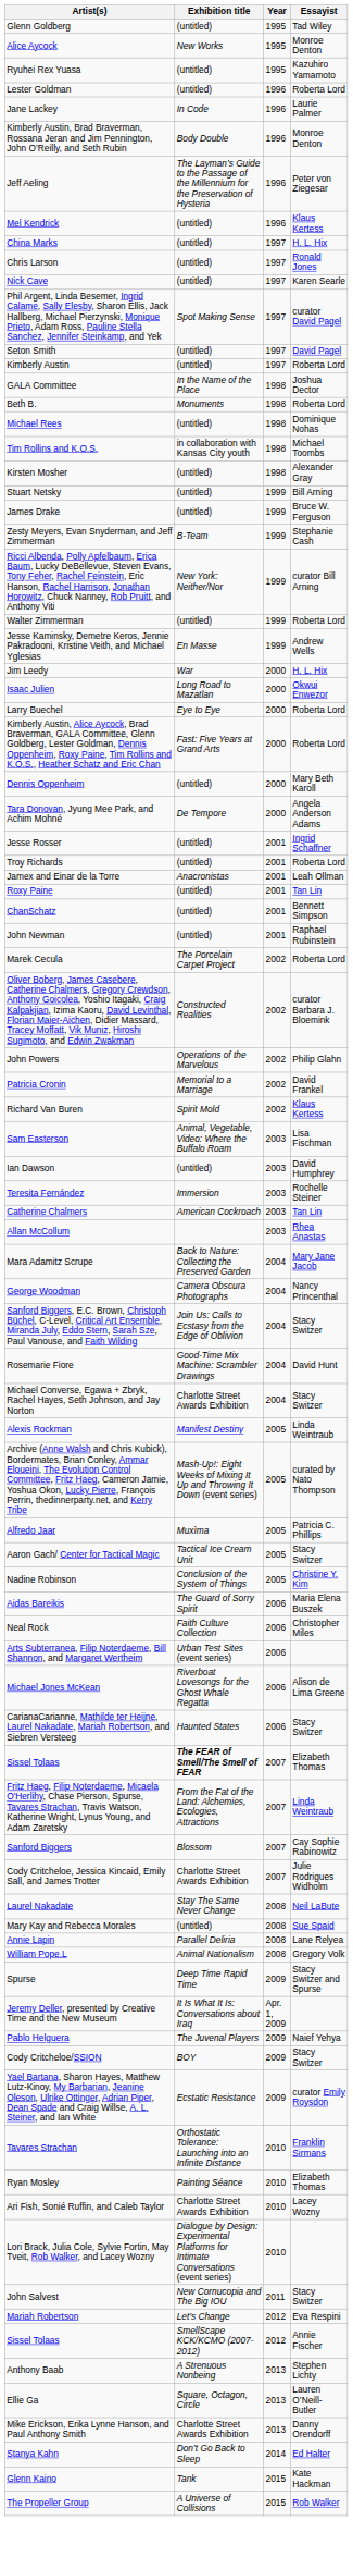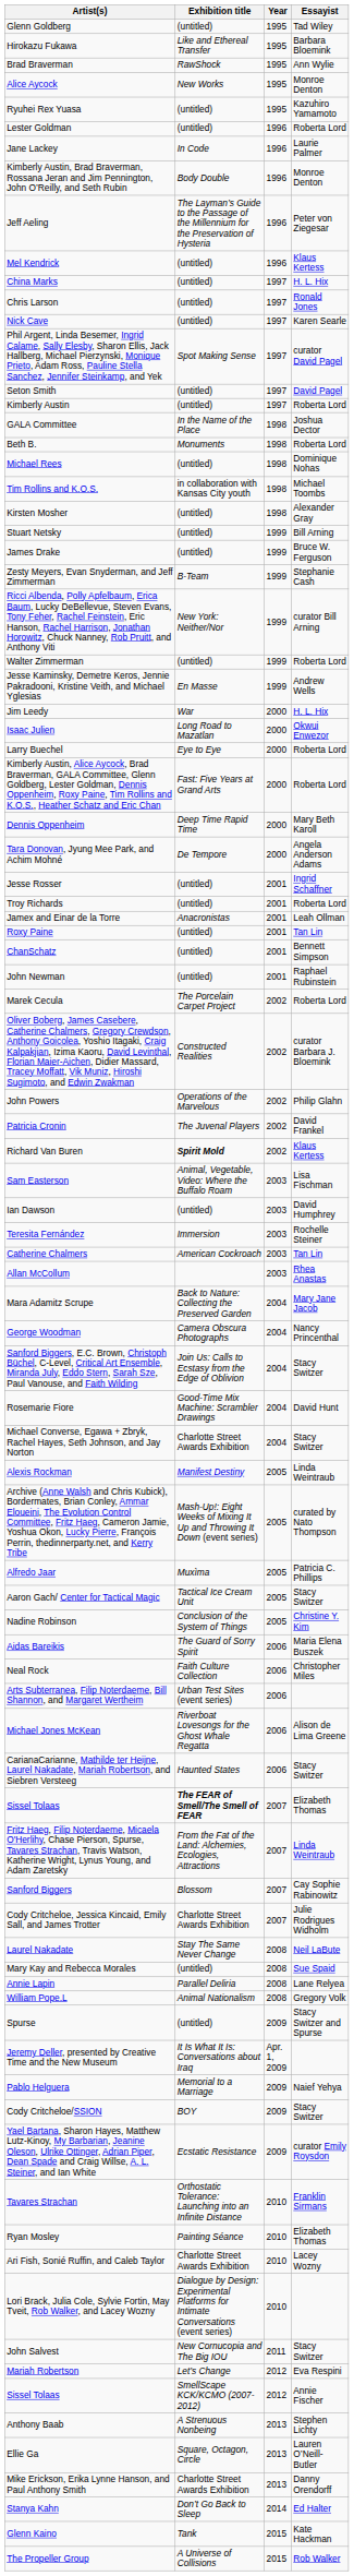 <table class="wikitable">
 <tr>
 <th>Artist(s)</th>
 <th>Exhibition title</th>
 <th>Year</th>
 <th>Essayist</th>
 </tr>
 <tr>
 <td>Glenn Goldberg</td>
 <td>(untitled)</td>
 <td>1995</td>
 <td>Tad Wiley</td>
+</tr>
+<tr>
+<td>Hirokazu Fukawa</td>
+<td><em>Like and Ethereal Transfer</em></td>
+<td>1995</td>
+<td>Barbara Bloemink</td>
+</tr>
+<tr>
+<td>Brad Braverman</td>
+<td><em>RawShock</em></td>
+<td>1995</td>
+<td>Ann Wylie</td>
 </tr>
 <tr>
 <td><a href='#'>Alice Aycock</a></td>
 <td><em>New Works</em></td>
 <td>1995</td>
 <td>Monroe Denton</td>
 </tr>
 <tr>
 <td>Ryuhei Rex Yuasa</td>
 <td>(untitled)</td>
 <td>1995</td>
 <td>Kazuhiro Yamamoto</td>
 </tr>
 <tr>
 <td>Lester Goldman</td>
 <td>(untitled)</td>
 <td>1996</td>
 <td>Roberta Lord</td>
 </tr>
 <tr>
 <td>Jane Lackey</td>
 <td><em>In Code</em></td>
 <td>1996</td>
 <td>Laurie Palmer</td>
 </tr>
 <tr>
 <td>Kimberly Austin, Brad Braverman, Rossana Jeran and Jim Pennington, John O’Reilly, and Seth Rubin</td>
 <td><em>Body Double</em></td>
 <td>1996</td>
 <td>Monroe Denton</td>
 </tr>
 <tr>
 <td>Jeff Aeling</td>
 <td><em>The Layman’s Guide to the Passage of the Millennium for the Preservation of Hysteria</em></td>
 <td>1996</td>
 <td>Peter von Ziegesar</td>
 </tr>
 <tr>
 <td><a href='#'>Mel Kendrick</a></td>
 <td>(untitled)</td>
 <td>1996</td>
 <td><a href='#'> Klaus Kertess</a></td>
 </tr>
 <tr>
 <td><a href='#'>China Marks</a></td>
 <td>(untitled)</td>
 <td>1997</td>
 <td><a href='#'>H. L. Hix</a></td>
 </tr>
 <tr>
 <td>Chris Larson</td>
 <td>(untitled)</td>
 <td>1997</td>
 <td><a href='#'>Ronald Jones</a></td>
 </tr>
 <tr>
 <td><a href='#'> Nick Cave</a></td>
 <td>(untitled)</td>
 <td>1997</td>
 <td>Karen Searle</td>
 </tr>
 <tr>
 <td>Phil Argent, Linda Besemer, <a href='#'>Ingrid Calame</a>, <a href='#'>Sally Elesby</a>, Sharon Ellis, Jack Hallberg, Michael Pierzynski, <a href='#'>Monique Prieto</a>, Adam Ross, <a href='#'>Pauline Stella Sanchez</a>, <a href='#'>Jennifer Steinkamp</a>, and Yek</td>
 <td><em>Spot Making Sense</em></td>
 <td>1997</td>
 <td>curator <a href='#'>David Pagel</a></td>
 </tr>
 <tr>
 <td>Seton Smith</td>
 <td>(untitled)</td>
 <td>1997</td>
 <td><a href='#'>David Pagel</a></td>
 </tr>
 <tr>
 <td>Kimberly Austin</td>
 <td>(untitled)</td>
 <td>1997</td>
 <td>Roberta Lord</td>
 </tr>
 <tr>
 <td>GALA Committee</td>
 <td><em>In the Name of the Place</em></td>
 <td>1998</td>
 <td>Joshua Dector</td>
 </tr>
 <tr>
 <td>Beth B.</td>
 <td><em>Monuments</em></td>
 <td>1998</td>
 <td>Roberta Lord</td>
 </tr>
 <tr>
 <td><a href='#'>Michael Rees</a></td>
 <td>(untitled)</td>
 <td>1998</td>
 <td>Dominique Nohas</td>
 </tr>
 <tr>
 <td><a href='#'>Tim Rollins and K.O.S.</a></td>
 <td>in collaboration with Kansas City youth</td>
 <td>1998</td>
 <td>Michael Toombs</td>
 </tr>
 <tr>
 <td>Kirsten Mosher</td>
 <td>(untitled)</td>
 <td>1998</td>
 <td>Alexander Gray</td>
 </tr>
 <tr>
 <td>Stuart Netsky</td>
 <td>(untitled)</td>
 <td>1999</td>
 <td>Bill Arning</td>
 </tr>
 <tr>
 <td>James Drake</td>
 <td>(untitled)</td>
 <td>1999</td>
 <td>Bruce W. Ferguson</td>
 </tr>
 <tr>
 <td>Zesty Meyers, Evan Snyderman, and Jeff Zimmerman</td>
 <td><em>B-Team</em></td>
 <td>1999</td>
 <td>Stephanie Cash</td>
 </tr>
 <tr>
 <td><a href='#'>Ricci Albenda</a>, <a href='#'>Polly Apfelbaum</a>, <a href='#'>Erica Baum</a>, Lucky DeBellevue, Steven Evans, <a href='#'>Tony Feher</a>, <a href='#'>Rachel Feinstein</a>, Eric Hanson, <a href='#'>Rachel Harrison</a>, <a href='#'>Jonathan Horowitz</a>, Chuck Nanney, <a href='#'>Rob Pruitt</a>, and Anthony Viti</td>
 <td><em>New York: Neither/Nor</em></td>
 <td>1999</td>
 <td>curator Bill Arning</td>
 </tr>
 <tr>
 <td>Walter Zimmerman</td>
 <td>(untitled)</td>
 <td>1999</td>
 <td>Roberta Lord</td>
 </tr>
 <tr>
 <td>Jesse Kaminsky, Demetre Keros, Jennie Pakradooni, Kristine Veith, and Michael Yglesias</td>
 <td><em>En Masse</em></td>
 <td>1999</td>
 <td>Andrew Wells</td>
 </tr>
 <tr>
 <td>Jim Leedy</td>
 <td><em>War</em></td>
 <td>2000</td>
 <td><a href='#'>H. L. Hix</a></td>
 </tr>
 <tr>
 <td><a href='#'>Isaac Julien</a></td>
 <td><em>Long Road to Mazatlan</em></td>
 <td>2000</td>
 <td><a href='#'>Okwui Enwezor</a></td>
 </tr>
 <tr>
 <td>Larry Buechel</td>
 <td><em>Eye to Eye</em></td>
 <td>2000</td>
 <td>Roberta Lord</td>
 </tr>
 <tr>
 <td>Kimberly Austin, <a href='#'>Alice Aycock</a>, Brad Braverman, GALA Committee, Glenn Goldberg, Lester Goldman, <a href='#'>Dennis Oppenheim</a>, <a href='#'>Roxy Paine</a>, <a href='#'>Tim Rollins and K.O.S.</a>, <a href='#'> Heather Schatz and Eric Chan</a></td>
 <td><em>Fast: Five Years at Grand Arts</em></td>
 <td>2000</td>
 <td>Roberta Lord</td>
 </tr>
 <tr>
 <td><a href='#'>Dennis Oppenheim</a></td>
-<td>(untitled)</td>
+<td><em>Deep Time Rapid Time</em></td>
 <td>2000</td>
 <td>Mary Beth Karoll</td>
 </tr>
 <tr>
 <td><a href='#'>Tara Donovan</a>, Jyung Mee Park, and Achim Mohné</td>
 <td><em>De Tempore</em></td>
 <td>2000</td>
 <td>Angela Anderson Adams</td>
 </tr>
 <tr>
 <td>Jesse Rosser</td>
 <td>(untitled)</td>
 <td>2001</td>
 <td><a href='#'>Ingrid Schaffner</a></td>
 </tr>
 <tr>
 <td>Troy Richards</td>
 <td>(untitled)</td>
 <td>2001</td>
 <td>Roberta Lord</td>
 </tr>
 <tr>
 <td>Jamex and Einar de la Torre</td>
 <td><em>Anacronistas</em></td>
 <td>2001</td>
 <td>Leah Ollman</td>
 </tr>
 <tr>
 <td><a href='#'>Roxy Paine</a></td>
 <td>(untitled)</td>
 <td>2001</td>
 <td><a href='#'>Tan Lin</a></td>
 </tr>
 <tr>
 <td><a href='#'>ChanSchatz</a></td>
 <td>(untitled)</td>
 <td>2001</td>
 <td>Bennett Simpson</td>
 </tr>
 <tr>
 <td>John Newman</td>
 <td>(untitled)</td>
 <td>2001</td>
 <td>Raphael Rubinstein</td>
 </tr>
 <tr>
 <td>Marek Cecula</td>
 <td><em>The Porcelain Carpet Project</em></td>
 <td>2002</td>
 <td>Roberta Lord</td>
 </tr>
 <tr>
 <td><a href='#'>Oliver Boberg</a>, <a href='#'>James Casebere</a>, <a href='#'>Catherine Chalmers</a>, <a href='#'>Gregory Crewdson</a>, <a href='#'>Anthony Goicolea</a>, Yoshio Itagaki, <a href='#'>Craig Kalpakjian</a>, Izima Kaoru, <a href='#'>David Levinthal</a>, <a href='#'>Florian Maier-Aichen</a>, Didier Massard, <a href='#'>Tracey Moffatt</a>, <a href='#'>Vik Muniz</a>, <a href='#'>Hiroshi Sugimoto</a>, and <a href='#'>Edwin Zwakman</a></td>
 <td><em>Constructed Realities</em></td>
 <td>2002</td>
 <td>curator Barbara J. Bloemink</td>
 </tr>
 <tr>
 <td>John Powers</td>
 <td><em>Operations of the Marvelous</em></td>
 <td>2002</td>
 <td>Philip Glahn</td>
 </tr>
 <tr>
 <td><a href='#'>Patricia Cronin</a></td>
-<td><em>Memorial to a Marriage</em></td>
+<td><em>The Juvenal Players</em></td>
 <td>2002</td>
 <td>David Frankel</td>
 </tr>
 <tr>
 <td>Richard Van Buren</td>
-<td><em>Spirit Mold</em></td>
+<td><strong><em>Spirit Mold</em></strong></td>
 <td>2002</td>
 <td><a href='#'> Klaus Kertess</a></td>
 </tr>
 <tr>
 <td><a href='#'>Sam Easterson</a></td>
 <td><em>Animal, Vegetable, Video: Where the Buffalo Roam</em></td>
 <td>2003</td>
 <td>Lisa Fischman</td>
 </tr>
 <tr>
 <td>Ian Dawson</td>
 <td>(untitled)</td>
 <td>2003</td>
 <td>David Humphrey</td>
 </tr>
 <tr>
 <td><a href='#'>Teresita Fernández</a></td>
 <td><em>Immersion</em></td>
 <td>2003</td>
 <td>Rochelle Steiner</td>
 </tr>
 <tr>
 <td><a href='#'>Catherine Chalmers</a></td>
 <td><em>American Cockroach</em></td>
 <td>2003</td>
 <td><a href='#'>Tan Lin</a></td>
 </tr>
 <tr>
 <td><a href='#'>Allan McCollum</a></td>
 <td></td>
 <td>2003</td>
 <td><a href='#'>Rhea Anastas</a></td>
 </tr>
 <tr>
 <td>Mara Adamitz Scrupe</td>
 <td><em>Back to Nature: Collecting the Preserved Garden</em></td>
 <td>2004</td>
 <td><a href='#'>Mary Jane Jacob</a></td>
 </tr>
 <tr>
 <td><a href='#'>George Woodman</a></td>
 <td><em>Camera Obscura Photographs</em></td>
 <td>2004</td>
 <td>Nancy Princenthal</td>
 </tr>
 <tr>
 <td><a href='#'>Sanford Biggers</a>, E.C. Brown, <a href='#'>Christoph Büchel</a>, C-Level, <a href='#'>Critical Art Ensemble</a>, <a href='#'>Miranda July</a>, <a href='#'>Eddo Stern</a>, <a href='#'>Sarah Sze</a>, Paul Vanouse, and <a href='#'>Faith Wilding</a></td>
 <td><em>Join Us: Calls to Ecstasy from the Edge of Oblivion</em></td>
 <td>2004</td>
 <td>Stacy Switzer</td>
 </tr>
 <tr>
 <td>Rosemarie Fiore</td>
 <td><em>Good-Time Mix Machine: Scrambler Drawings</em></td>
 <td>2004</td>
 <td>David Hunt</td>
 </tr>
 <tr>
 <td>Michael Converse, Egawa + Zbryk, Rachel Hayes, Seth Johnson, and Jay Norton</td>
 <td>Charlotte Street Awards Exhibition</td>
 <td>2004</td>
 <td>Stacy Switzer</td>
 </tr>
 <tr>
 <td><a href='#'>Alexis Rockman</a></td>
 <td><a href='#'> <em>Manifest Destiny</em></a></td>
 <td>2005</td>
 <td>Linda Weintraub</td>
 </tr>
 <tr>
 <td>Archive (<a href='#'>Anne Walsh</a> and Chris Kubick), Bordermates, Brian Conley, <a href='#'>Ammar Eloueini</a>, <a href='#'>The Evolution Control Committee</a>, <a href='#'>Fritz Haeg</a>, Cameron Jamie, Yoshua Okon, <a href='#'>Lucky Pierre</a>, François Perrin, thedinnerparty.net, and <a href='#'>Kerry Tribe</a></td>
 <td><em>Mash-Up!: Eight Weeks of Mixing It Up and Throwing It Down</em> (event series)</td>
 <td>2005</td>
 <td>curated by Nato Thompson</td>
 </tr>
 <tr>
 <td><a href='#'>Alfredo Jaar</a></td>
 <td><em>Muxìma</em></td>
 <td>2005</td>
 <td>Patricia C. Phillips</td>
 </tr>
 <tr>
 <td>Aaron Gach/ <a href='#'>Center for Tactical Magic</a></td>
 <td><em>Tactical Ice Cream Unit</em></td>
 <td>2005</td>
 <td>Stacy Switzer</td>
 </tr>
 <tr>
 <td>Nadine Robinson</td>
 <td><em>Conclusion of the System of Things</em></td>
 <td>2005</td>
 <td><a href='#'>Christine Y. Kim</a></td>
 </tr>
 <tr>
 <td><a href='#'>Aidas Bareikis</a></td>
 <td><em>The Guard of Sorry Spirit</em></td>
 <td>2006</td>
 <td>Maria Elena Buszek</td>
 </tr>
 <tr>
 <td>Neal Rock</td>
 <td><em>Faith Culture Collection</em></td>
 <td>2006</td>
 <td>Christopher Miles</td>
 </tr>
 <tr>
 <td><a href='#'> Arts Subterranea</a>,  <a href='#'>Filip Noterdaeme</a>, <a href='#'>Bill Shannon</a>, and <a href='#'>Margaret Wertheim</a></td>
 <td><em>Urban Test Sites</em> (event series)</td>
 <td>2006</td>
 <td></td>
 </tr>
 <tr>
 <td><a href='#'>Michael Jones McKean</a></td>
 <td><em>Riverboat Lovesongs for the Ghost Whale Regatta</em></td>
 <td>2006</td>
 <td>Alison de Lima Greene</td>
 </tr>
 <tr>
 <td>CarianaCarianne, <a href='#'>Mathilde ter Heijne</a>, <a href='#'>Laurel Nakadate</a>, <a href='#'>Mariah Robertson</a>, and Siebren Versteeg</td>
 <td><em>Haunted States</em></td>
 <td>2006</td>
 <td>Stacy Switzer</td>
 </tr>
 <tr>
 <td><a href='#'>Sissel Tolaas</a></td>
 <td><strong><em>The FEAR of Smell/The Smell of FEAR</em></strong></td>
 <td>2007</td>
 <td>Elizabeth Thomas</td>
 </tr>
 <tr>
 <td><a href='#'>Fritz Haeg</a>, <a href='#'>Filip Noterdaeme</a>, <a href='#'>Micaela O'Herlihy</a>, Chase Pierson, Spurse, <a href='#'>Tavares Strachan</a>, Travis Watson, Katherine Wright, Lynus Young, and Adam Zaretsky</td>
 <td><em>From the Fat of the Land: Alchemies, Ecologies, Attractions</em></td>
 <td>2007</td>
 <td><a href='#'>Linda Weintraub</a></td>
 </tr>
 <tr>
 <td><a href='#'>Sanford Biggers</a></td>
 <td><em>Blossom</em></td>
 <td>2007</td>
 <td>Cay Sophie Rabinowitz</td>
 </tr>
 <tr>
 <td>Cody Critcheloe, Jessica Kincaid, Emily Sall, and James Trotter</td>
 <td>Charlotte Street Awards Exhibition</td>
 <td>2007</td>
 <td>Julie Rodrigues Widholm</td>
 </tr>
 <tr>
 <td><a href='#'>Laurel Nakadate</a></td>
 <td><em>Stay The Same Never Change</em></td>
 <td>2008</td>
 <td><a href='#'>Neil LaBute</a></td>
 </tr>
 <tr>
 <td>Mary Kay and Rebecca Morales</td>
 <td>(untitled)</td>
 <td>2008</td>
 <td><a href='#'>Sue Spaid</a></td>
 </tr>
 <tr>
 <td><a href='#'>Annie Lapin</a></td>
 <td><em>Parallel Deliria</em></td>
 <td>2008</td>
 <td>Lane Relyea</td>
 </tr>
 <tr>
 <td><a href='#'>William Pope.L</a></td>
 <td><em>Animal Nationalism</em></td>
 <td>2008</td>
 <td>Gregory Volk</td>
 </tr>
 <tr>
 <td>Spurse</td>
-<td><em>Deep Time Rapid Time</em></td>
+<td>(untitled)</td>
 <td>2009</td>
 <td>Stacy Switzer and Spurse</td>
 </tr>
 <tr>
 <td><a href='#'>Jeremy Deller</a>, presented by Creative Time and the New Museum</td>
 <td><em>It Is What It Is: Conversations about Iraq</em></td>
 <td>Apr. 1, 2009</td>
 <td></td>
 </tr>
 <tr>
 <td><a href='#'>Pablo Helguera</a></td>
-<td><em>The Juvenal Players</em></td>
+<td><em>Memorial to a Marriage</em></td>
 <td>2009</td>
 <td>Naief Yehya</td>
 </tr>
 <tr>
 <td>Cody Critcheloe/<a href='#'>SSION</a></td>
 <td><em>BOY</em></td>
 <td>2009</td>
 <td>Stacy Switzer</td>
 </tr>
 <tr>
 <td><a href='#'>Yael Bartana</a>, Sharon Hayes, Matthew Lutz-Kinoy, <a href='#'>My Barbarian</a>, <a href='#'>Jeanine Oleson</a>, <a href='#'>Ulrike Ottinger</a>, <a href='#'>Adrian Piper</a>, <a href='#'>Dean Spade</a> and Craig Willse, <a href='#'>A. L. Steiner</a>, and Ian White</td>
 <td><em>Ecstatic Resistance</em></td>
 <td>2009</td>
 <td>curator <a href='#'>Emily Roysdon</a></td>
 </tr>
 <tr>
 <td><a href='#'>Tavares Strachan</a></td>
 <td><em>Orthostatic Tolerance: Launching into an Infinite Distance</em></td>
 <td>2010</td>
 <td><a href='#'>Franklin Sirmans</a></td>
 </tr>
 <tr>
 <td>Ryan Mosley</td>
 <td><em>Painting Séance</em></td>
 <td>2010</td>
 <td>Elizabeth Thomas</td>
 </tr>
 <tr>
 <td>Ari Fish, Sonié Ruffin, and Caleb Taylor</td>
 <td>Charlotte Street Awards Exhibition</td>
 <td>2010</td>
 <td>Lacey Wozny</td>
 </tr>
 <tr>
 <td>Lori Brack, Julia Cole, Sylvie Fortin, May Tveit, <a href='#'> Rob Walker</a>, and Lacey Wozny</td>
 <td><em>Dialogue by Design:  Experimental Platforms for Intimate Conversations</em> (event series)</td>
 <td>2010</td>
 <td></td>
 </tr>
 <tr>
 <td>John Salvest</td>
 <td><em>New Cornucopia and The Big IOU</em></td>
 <td>2011</td>
 <td>Stacy Switzer</td>
 </tr>
 <tr>
 <td><a href='#'>Mariah Robertson</a></td>
 <td><em>Let’s Change</em></td>
 <td>2012</td>
 <td>Eva Respini</td>
 </tr>
 <tr>
 <td><a href='#'>Sissel Tolaas</a></td>
 <td><em>SmellScape KCK/KCMO (2007-2012)</em></td>
 <td>2012</td>
 <td>Annie Fischer</td>
 </tr>
 <tr>
 <td>Anthony Baab</td>
 <td><em>A Strenuous Nonbeing</em></td>
 <td>2013</td>
 <td>Stephen Lichty</td>
 </tr>
 <tr>
 <td>Ellie Ga</td>
 <td><em>Square, Octagon, Circle</em></td>
 <td>2013</td>
 <td>Lauren O’Neill-Butler</td>
 </tr>
 <tr>
 <td>Mike Erickson, Erika Lynne Hanson, and Paul Anthony Smith</td>
 <td>Charlotte Street Awards Exhibition</td>
 <td>2013</td>
 <td>Danny Orendorff</td>
 </tr>
 <tr>
 <td><a href='#'>Stanya Kahn</a></td>
 <td><em>Don’t Go Back to Sleep</em></td>
 <td>2014</td>
 <td><a href='#'>Ed Halter</a></td>
 </tr>
 <tr>
 <td><a href='#'>Glenn Kaino</a></td>
 <td><em>Tank</em></td>
 <td>2015</td>
 <td>Kate Hackman</td>
 </tr>
 <tr>
 <td><a href='#'>The Propeller Group</a></td>
 <td><em>A Universe of Collisions</em></td>
 <td>2015</td>
 <td><a href='#'> Rob Walker</a></td>
 </tr>
 </table>
